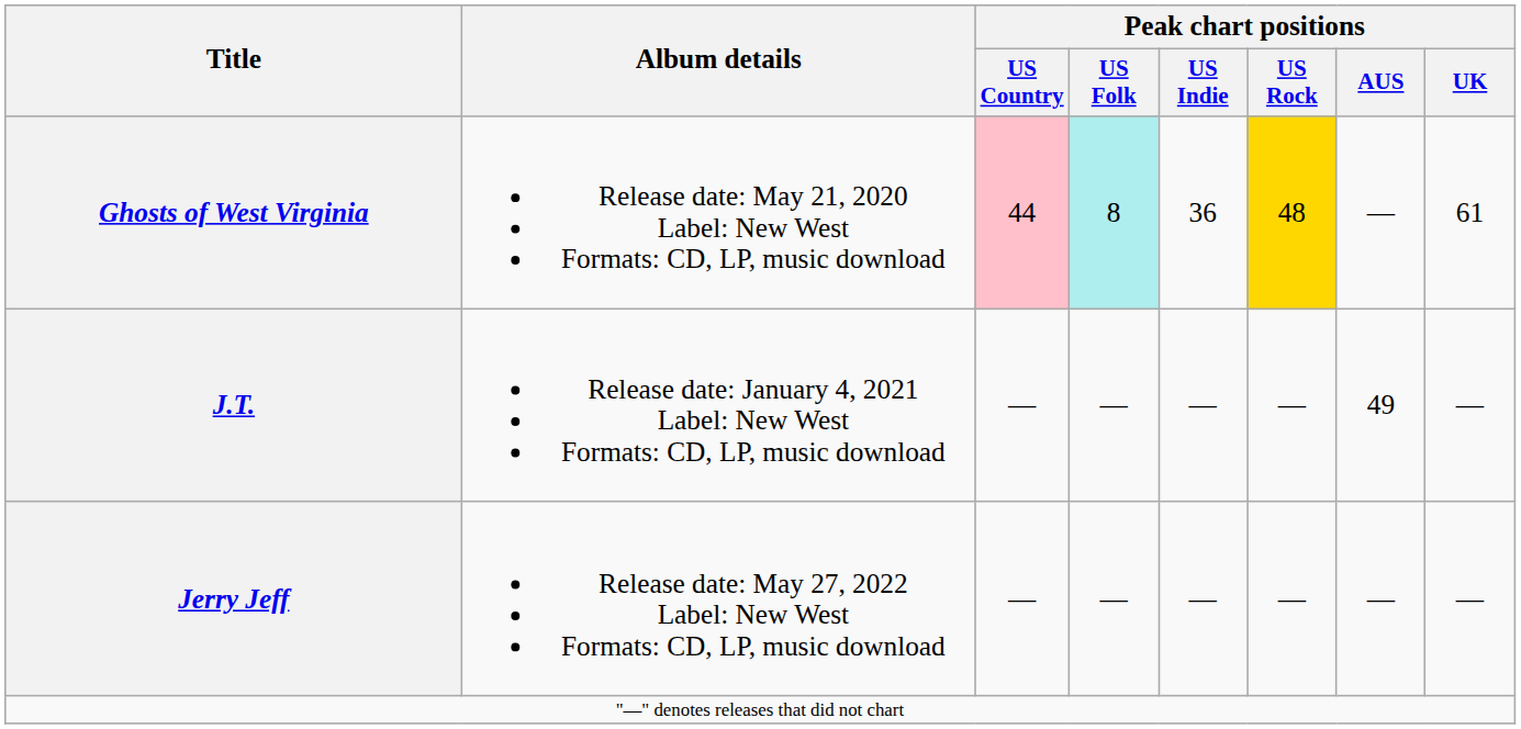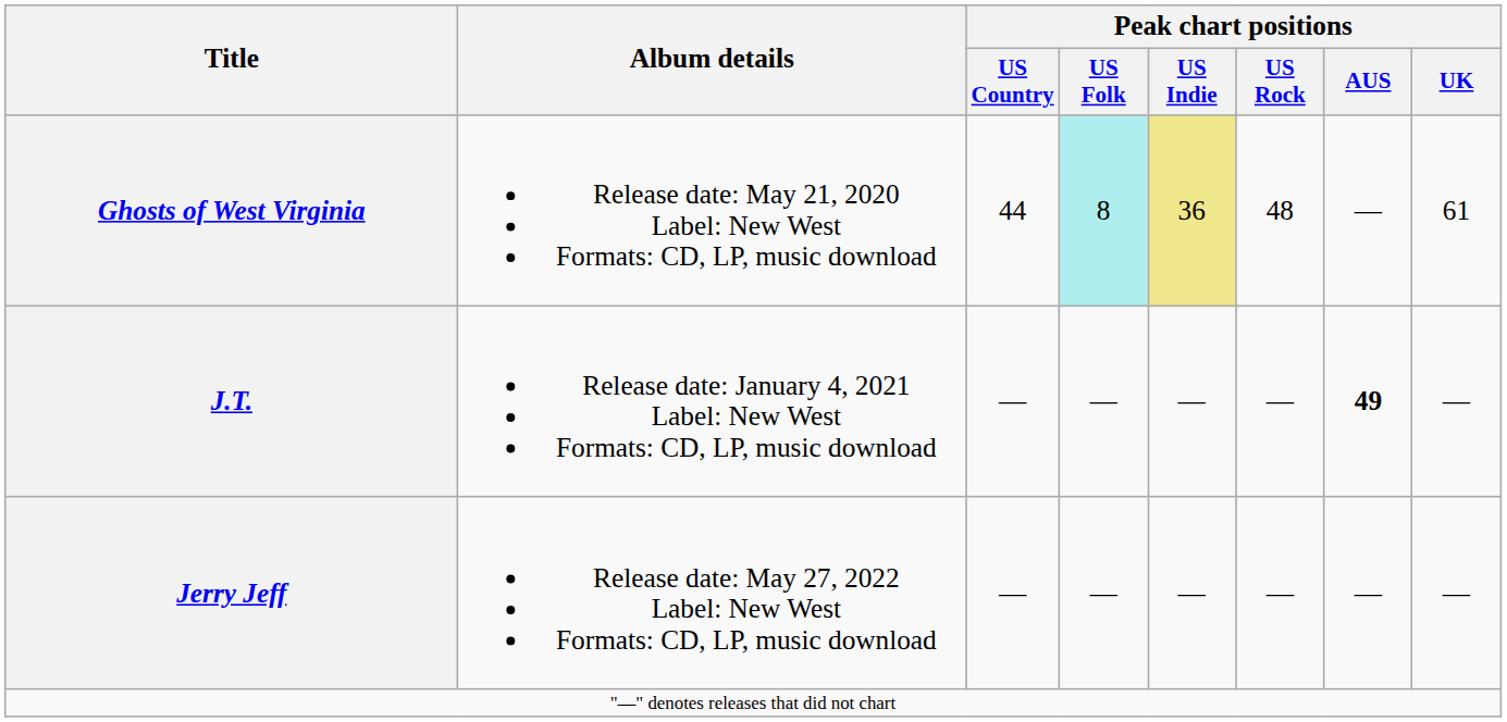 <table class="wikitable plainrowheaders" style="text-align:center;">
 <tr>
 <th rowspan="2" style="width:16em;">Title</th>
 <th rowspan="2" style="width:18em;">Album details</th>
 <th colspan="6">Peak chart positions</th>
 </tr>
 <tr style="font-size:smaller;">
 <th width="45"><a href='#'>US Country</a><br></th>
 <th width="45"><a href='#'>US<br>Folk</a><br></th>
 <th width="45"><a href='#'>US Indie</a><br></th>
 <th width="45"><a href='#'>US Rock</a><br></th>
 <th width="45"><a href='#'>AUS</a><br></th>
 <th width="45"><a href='#'>UK</a><br></th>
 </tr>
 <tr>
 <th scope="row"><em><a href='#'>Ghosts of West Virginia</a> <br></em></th>
 <td><br><ul><li>Release date: May 21, 2020</li><li>Label: New West</li><li>Formats: CD, LP, music download</li></ul></td>
-<td style="background: pink;">44</td>
+<td>44</td>
 <td style="background: paleturquoise;">8</td>
-<td>36</td>
-<td style="background: gold;">48</td>
+<td style="background: khaki;">36</td>
+<td>48</td>
 <td>—</td>
 <td>61</td>
 </tr>
 <tr>
 <th scope="row"><em><a href='#'>J.T.</a> <br></em></th>
 <td><br><ul><li>Release date: January 4, 2021</li><li>Label: New West</li><li>Formats: CD, LP, music download</li></ul></td>
 <td>—</td>
 <td>—</td>
 <td>—</td>
 <td>—</td>
-<td>49</td>
+<td><strong>49</strong></td>
 <td>—</td>
 </tr>
 <tr>
 <th scope="row"><em><a href='#'>Jerry Jeff</a> <br></em></th>
 <td><br><ul><li>Release date: May 27, 2022</li><li>Label: New West</li><li>Formats: CD, LP, music download</li></ul></td>
 <td>—</td>
 <td>—</td>
 <td>—</td>
 <td>—</td>
 <td>—</td>
 <td>—</td>
 </tr>
 <tr>
 <td colspan="9" style="font-size:8pt">"—" denotes releases that did not chart</td>
 </tr>
 </table>
